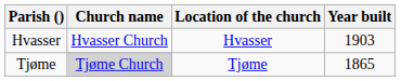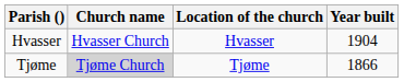 <table class="wikitable" style="text-align:center">
 <tr>
 <th>Parish ()</th>
 <th>Church name</th>
 <th>Location of the church</th>
 <th>Year built</th>
 </tr>
 <tr>
 <td rowspan="1">Hvasser</td>
 <td><a href='#'>Hvasser Church</a></td>
 <td><a href='#'>Hvasser</a></td>
-<td>1903</td>
+<td>1904</td>
 </tr>
 <tr>
 <td rowspan="1">Tjøme</td>
 <td style="background: lightgrey;"><a href='#'>Tjøme Church</a></td>
 <td><a href='#'>Tjøme</a></td>
-<td>1865</td>
+<td>1866</td>
 </tr>
 </table>
